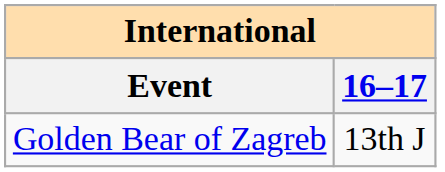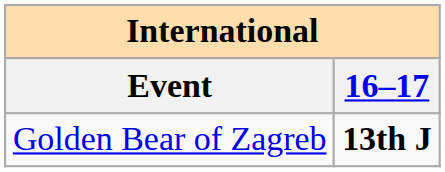 <table class="wikitable" style="text-align:center">
 <tr>
 <th colspan="2" style="background-color: #ffdead; " align="center">International</th>
 </tr>
 <tr>
 <th>Event</th>
 <th><a href='#'>16–17</a></th>
 </tr>
 <tr>
 <td align=left><a href='#'>Golden Bear of Zagreb</a></td>
-<td>13th J</td>
+<td><strong>13th J</strong></td>
 </tr>
 </table>
